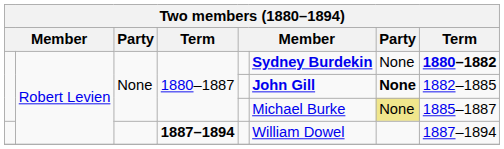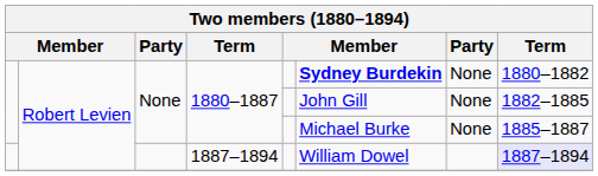 <table class="wikitable">
 <tr>
 <th colspan="8">Two members (1880–1894)</th>
 </tr>
 <tr>
 <th colspan="2">Member</th>
 <th>Party</th>
 <th>Term</th>
 <th colspan="2">Member</th>
 <th>Party</th>
 <th>Term</th>
 </tr>
 <tr>
 <td rowspan="3" > </td>
 <td rowspan="4"><a href='#'>Robert Levien</a></td>
 <td rowspan="3">None</td>
 <td rowspan="3"><a href='#'>1880</a>–1887</td>
 <td> </td>
 <td><strong><a href='#'>Sydney Burdekin</a></strong></td>
 <td>None</td>
-<td><strong><a href='#'>1880</a>–1882</strong></td>
+<td><a href='#'>1880</a>–1882</td>
 </tr>
 <tr>
 <td> </td>
-<td><strong><a href='#'>John Gill</a></strong></td>
-<td><strong>None</strong></td>
+<td><a href='#'>John Gill</a></td>
+<td>None</td>
 <td><a href='#'>1882</a>–1885</td>
 </tr>
 <tr>
 <td> </td>
 <td><a href='#'>Michael Burke</a></td>
-<td style="background: khaki;">None</td>
+<td>None</td>
 <td><a href='#'>1885</a>–1887</td>
 </tr>
 <tr>
 <td> </td>
 <td></td>
-<td><strong>1887–1894</strong></td>
+<td>1887–1894</td>
 <td> </td>
 <td><a href='#'>William Dowel</a></td>
 <td></td>
-<td><a href='#'>1887</a>–1894</td>
+<td style="background: lavender;"><a href='#'>1887</a>–1894</td>
 </tr>
 <tr>
 </tr>
 </table>
